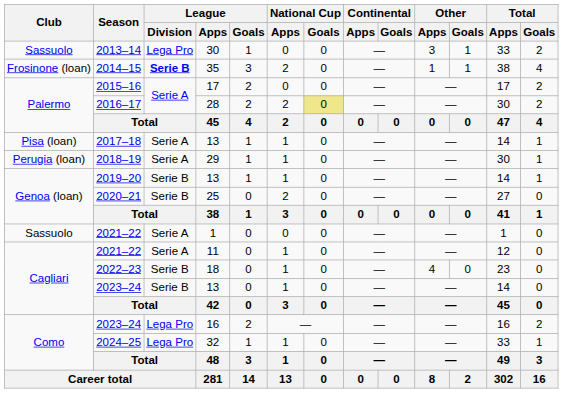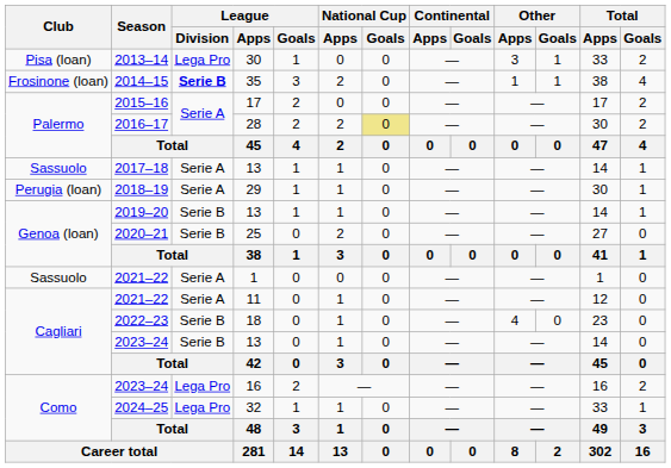 <table class="wikitable" style="text-align: center;">
 <tr>
 <th rowspan="2">Club</th>
 <th rowspan="2">Season</th>
 <th colspan="3">League</th>
 <th colspan="2">National Cup</th>
 <th colspan="2">Continental</th>
 <th colspan="2">Other</th>
 <th colspan="2">Total</th>
 </tr>
 <tr>
 <th>Division</th>
 <th>Apps</th>
 <th>Goals</th>
 <th>Apps</th>
 <th>Goals</th>
 <th>Apps</th>
 <th>Goals</th>
 <th>Apps</th>
 <th>Goals</th>
 <th>Apps</th>
 <th>Goals</th>
 </tr>
 <tr>
-<td><a href='#'>Sassuolo</a></td>
+<td><a href='#'>Pisa</a> (loan)</td>
 <td><a href='#'>2013–14</a></td>
 <td><a href='#'>Lega Pro</a></td>
 <td>30</td>
 <td>1</td>
 <td>0</td>
 <td>0</td>
 <td colspan="2“">—</td>
 <td>3</td>
 <td>1</td>
 <td>33</td>
 <td>2</td>
 </tr>
 <tr>
 <td><a href='#'>Frosinone</a> (loan)</td>
 <td><a href='#'>2014–15</a></td>
 <td><strong><a href='#'>Serie B</a></strong></td>
 <td>35</td>
 <td>3</td>
 <td>2</td>
 <td>0</td>
 <td colspan="2“">—</td>
 <td>1</td>
 <td>1</td>
 <td>38</td>
 <td>4</td>
 </tr>
 <tr>
 <td rowspan="3"><a href='#'>Palermo</a></td>
 <td><a href='#'>2015–16</a></td>
 <td rowspan="2"><a href='#'>Serie A</a></td>
 <td>17</td>
 <td>2</td>
 <td>0</td>
 <td>0</td>
 <td colspan="2“">—</td>
 <td colspan="2“">—</td>
 <td>17</td>
 <td>2</td>
 </tr>
 <tr>
 <td><a href='#'>2016–17</a></td>
 <td>28</td>
 <td>2</td>
 <td>2</td>
 <td style="background: khaki;">0</td>
 <td colspan="2“">—</td>
 <td colspan="2“">—</td>
 <td>30</td>
 <td>2</td>
 </tr>
 <tr>
 <th colspan="2">Total</th>
 <th>45</th>
 <th>4</th>
 <th>2</th>
 <th>0</th>
 <th>0</th>
 <th>0</th>
 <th>0</th>
 <th>0</th>
 <th>47</th>
 <th>4</th>
 </tr>
 <tr>
-<td><a href='#'>Pisa</a> (loan)</td>
+<td><a href='#'>Sassuolo</a></td>
 <td><a href='#'>2017–18</a></td>
 <td>Serie A</td>
 <td>13</td>
 <td>1</td>
 <td>1</td>
 <td>0</td>
 <td colspan="2“">—</td>
 <td colspan="2“">—</td>
 <td>14</td>
 <td>1</td>
 </tr>
 <tr>
 <td><a href='#'>Perugia</a> (loan)</td>
 <td><a href='#'>2018–19</a></td>
 <td>Serie A</td>
 <td>29</td>
 <td>1</td>
 <td>1</td>
 <td>0</td>
 <td colspan="2“">—</td>
 <td colspan="2“">—</td>
 <td>30</td>
 <td>1</td>
 </tr>
 <tr>
 <td rowspan="3"><a href='#'>Genoa</a> (loan)</td>
 <td><a href='#'>2019–20</a></td>
 <td>Serie B</td>
 <td>13</td>
 <td>1</td>
 <td>1</td>
 <td>0</td>
 <td colspan="2“">—</td>
 <td colspan="2“">—</td>
 <td>14</td>
 <td>1</td>
 </tr>
 <tr>
 <td><a href='#'>2020–21</a></td>
 <td>Serie B</td>
 <td>25</td>
 <td>0</td>
 <td>2</td>
 <td>0</td>
 <td colspan="2“">—</td>
 <td colspan="2“">—</td>
 <td>27</td>
 <td>0</td>
 </tr>
 <tr>
 <th colspan="2">Total</th>
 <th>38</th>
 <th>1</th>
 <th>3</th>
 <th>0</th>
 <th>0</th>
 <th>0</th>
 <th>0</th>
 <th>0</th>
 <th>41</th>
 <th>1</th>
 </tr>
 <tr>
 <td>Sassuolo</td>
 <td><a href='#'>2021–22</a></td>
 <td>Serie A</td>
 <td>1</td>
 <td>0</td>
 <td>0</td>
 <td>0</td>
 <td colspan="2“">—</td>
 <td colspan="2“">—</td>
 <td>1</td>
 <td>0</td>
 </tr>
 <tr>
 <td rowspan="4"><a href='#'>Cagliari</a></td>
 <td><a href='#'>2021–22</a></td>
 <td>Serie A</td>
 <td>11</td>
 <td>0</td>
 <td>1</td>
 <td>0</td>
 <td colspan="2“">—</td>
 <td colspan="2“">—</td>
 <td>12</td>
 <td>0</td>
 </tr>
 <tr>
 <td><a href='#'>2022–23</a></td>
 <td>Serie B</td>
 <td>18</td>
 <td>0</td>
 <td>1</td>
 <td>0</td>
 <td colspan="2“">—</td>
 <td>4</td>
 <td>0</td>
 <td>23</td>
 <td>0</td>
 </tr>
 <tr>
 <td><a href='#'>2023–24</a></td>
 <td>Serie B</td>
 <td>13</td>
 <td>0</td>
 <td>1</td>
 <td>0</td>
 <td colspan="2“">—</td>
 <td colspan="2“">—</td>
 <td>14</td>
 <td>0</td>
 </tr>
 <tr>
 <th colspan="2">Total</th>
 <th>42</th>
 <th>0</th>
 <th>3</th>
 <th>0</th>
 <th colspan="2“">—</th>
 <th colspan="2“">—</th>
 <th>45</th>
 <th>0</th>
 </tr>
 <tr>
 <td rowspan="3"><a href='#'>Como</a></td>
 <td><a href='#'>2023–24</a></td>
 <td><a href='#'>Lega Pro</a></td>
 <td>16</td>
 <td>2</td>
 <td colspan="2“">—</td>
 <td colspan="2“">—</td>
 <td colspan="2“">—</td>
 <td>16</td>
 <td>2</td>
 </tr>
 <tr>
 <td><a href='#'>2024–25</a></td>
 <td><a href='#'>Lega Pro</a></td>
 <td>32</td>
 <td>1</td>
 <td>1</td>
 <td>0</td>
 <td colspan="2“">—</td>
 <td colspan="2“">—</td>
 <td>33</td>
 <td>1</td>
 </tr>
 <tr>
 <th colspan="2">Total</th>
 <th>48</th>
 <th>3</th>
 <th>1</th>
 <th>0</th>
 <th colspan="2“">—</th>
 <th colspan="2“">—</th>
 <th>49</th>
 <th>3</th>
 </tr>
 <tr>
 <th colspan="3">Career total</th>
 <th>281</th>
 <th>14</th>
 <th>13</th>
 <th>0</th>
 <th>0</th>
 <th>0</th>
 <th>8</th>
 <th>2</th>
 <th>302</th>
 <th>16</th>
 </tr>
 </table>
